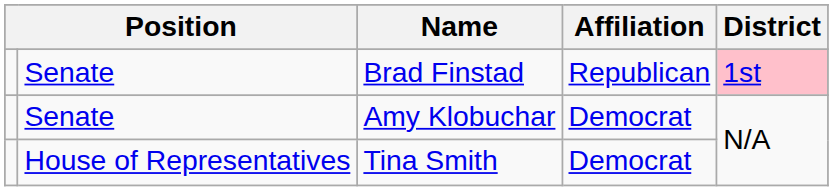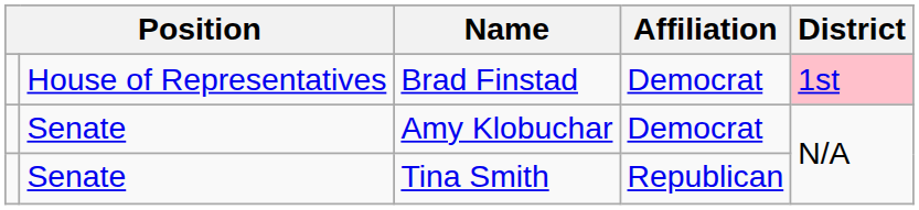 <table class="wikitable">
 <tr>
 <th colspan="2">Position</th>
 <th>Name</th>
 <th>Affiliation</th>
 <th>District</th>
 </tr>
 <tr>
 <td style="background-color:"></td>
-<td><a href='#'>Senate</a></td>
+<td><a href='#'>House of Representatives</a></td>
 <td><a href='#'>Brad Finstad</a></td>
-<td><a href='#'>Republican</a></td>
+<td><a href='#'>Democrat</a></td>
 <td style="background: pink;"><a href='#'>1st</a></td>
 </tr>
 <tr>
 <td style="background-color:"></td>
 <td><a href='#'>Senate</a></td>
 <td><a href='#'>Amy Klobuchar</a></td>
 <td><a href='#'>Democrat</a></td>
 <td rowspan="2">N/A</td>
 </tr>
 <tr>
 <td style="background-color:"></td>
-<td><a href='#'>House of Representatives</a></td>
+<td><a href='#'>Senate</a></td>
 <td><a href='#'>Tina Smith</a></td>
-<td><a href='#'>Democrat</a></td>
+<td><a href='#'>Republican</a></td>
 </tr>
 </table>
